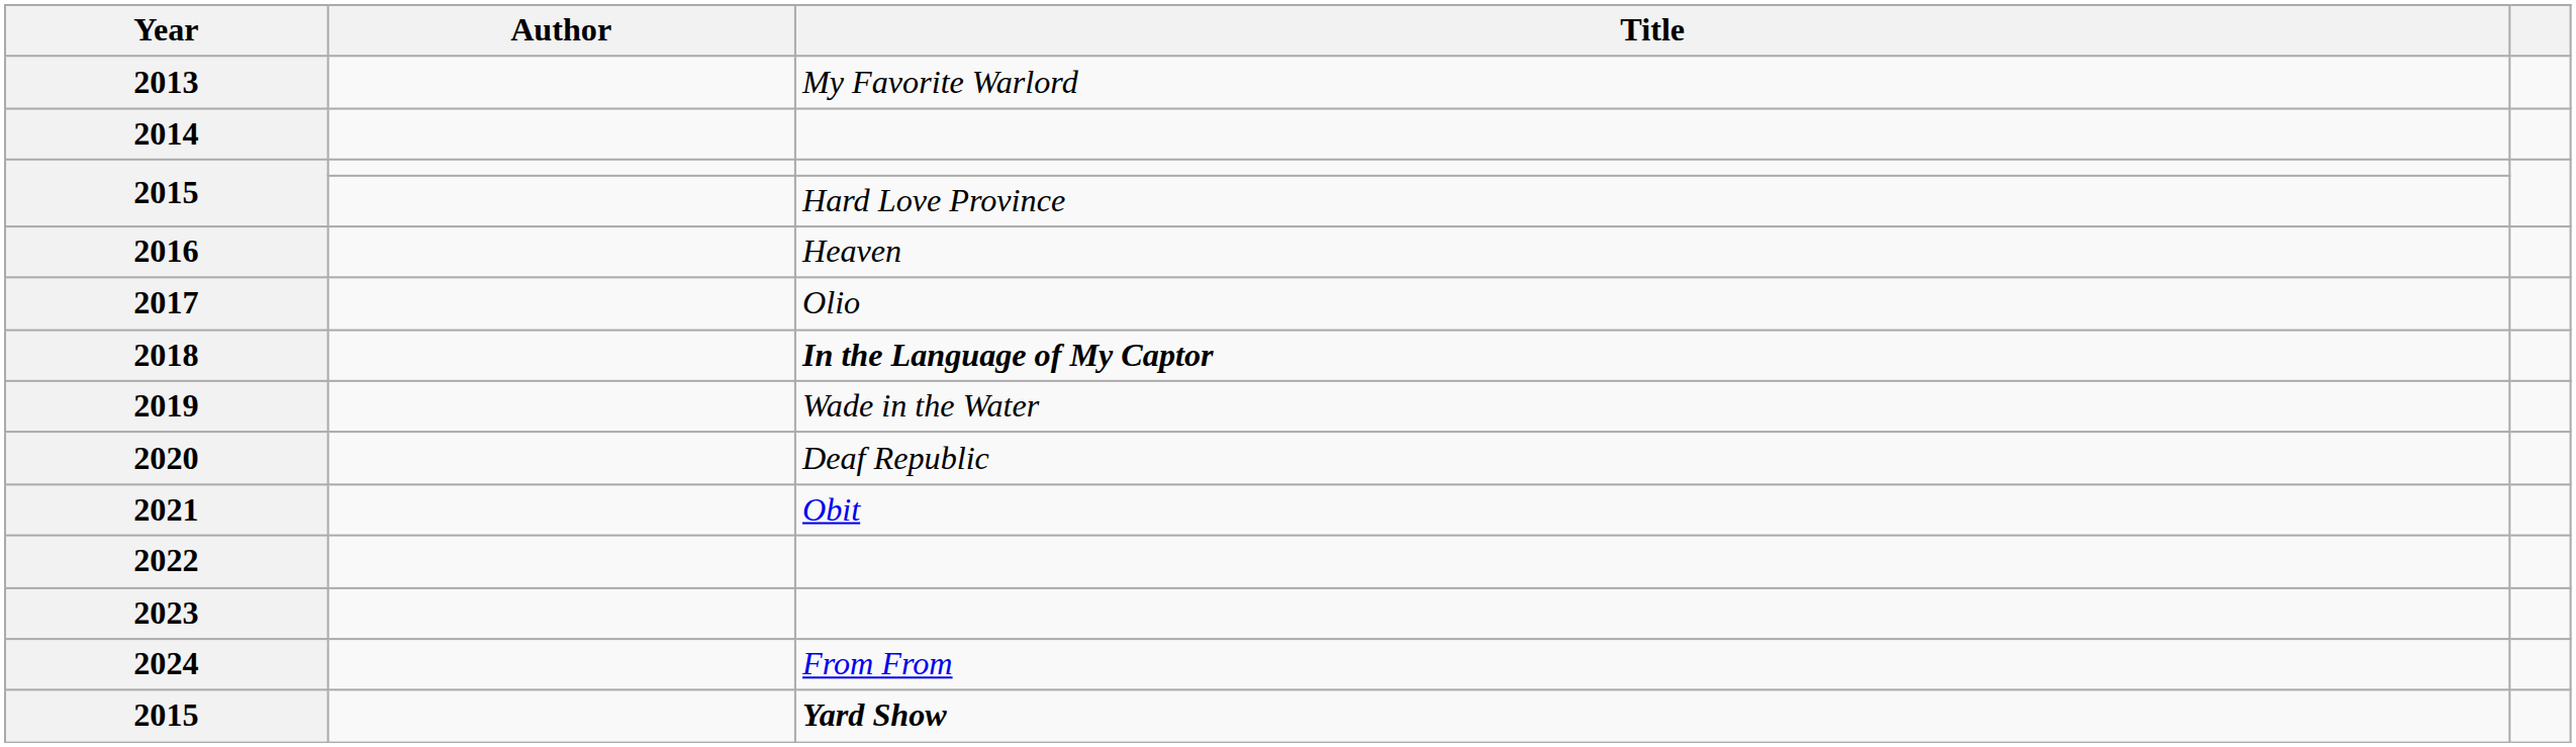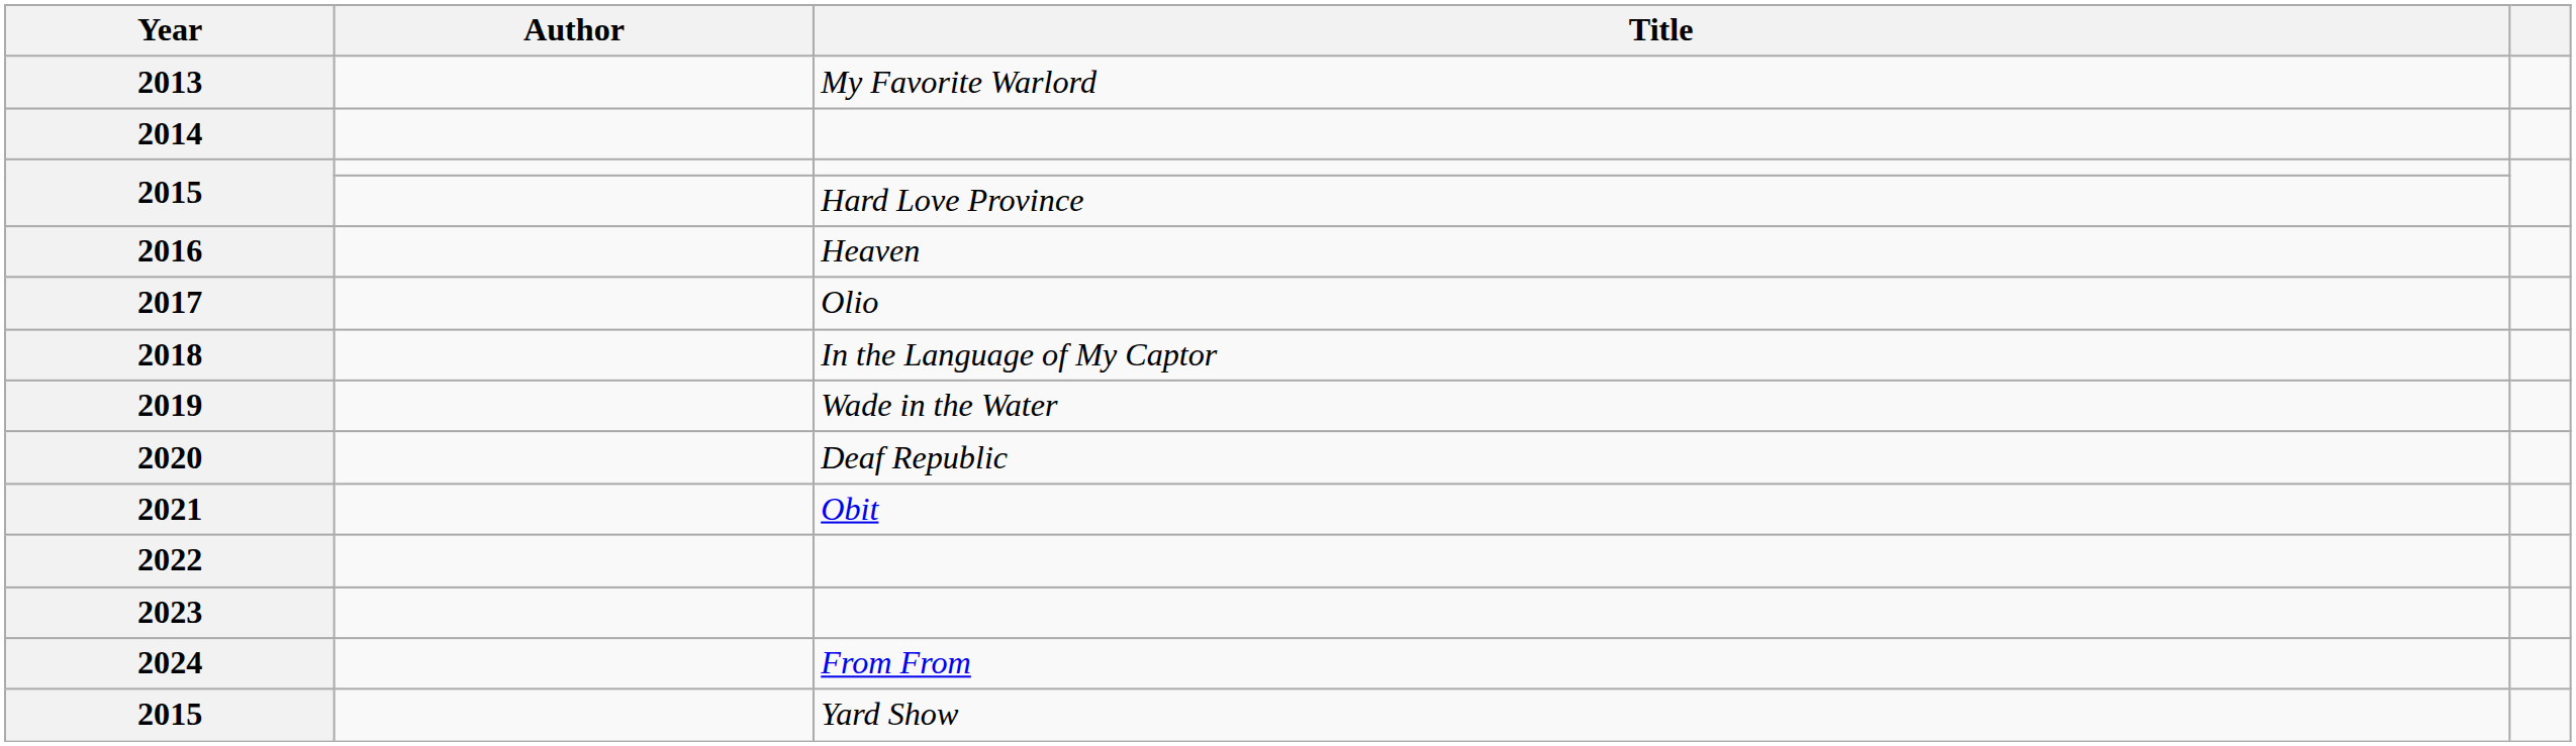 <table class="wikitable sortable mw-collapsible"  width="100%">
 <tr>
 <th scope="col">Year</th>
 <th scope="col">Author</th>
 <th scope="col">Title</th>
 <th scope="col"></th>
 </tr>
 <tr>
 <th>2013</th>
 <td></td>
 <td><em>My Favorite Warlord</em></td>
 <td></td>
 </tr>
 <tr>
 <th>2014</th>
 <td></td>
 <td></td>
 <td></td>
 </tr>
 <tr>
 <th rowspan="2">2015</th>
 <td></td>
 <td></td>
 <td rowspan="2"></td>
 </tr>
 <tr>
 <td></td>
 <td><em>Hard Love Province</em></td>
 </tr>
 <tr>
 <th>2016</th>
 <td></td>
 <td><em>Heaven</em></td>
 <td></td>
 </tr>
 <tr>
 <th>2017</th>
 <td></td>
 <td><em>Olio</em></td>
 <td></td>
 </tr>
 <tr>
 <th>2018</th>
 <td></td>
-<td><strong><em>In the Language of My Captor</em></strong></td>
+<td><em>In the Language of My Captor</em></td>
 <td></td>
 </tr>
 <tr>
 <th>2019</th>
 <td></td>
 <td><em>Wade in the Water</em></td>
 <td></td>
 </tr>
 <tr>
 <th>2020</th>
 <td></td>
 <td><em>Deaf Republic</em></td>
 <td></td>
 </tr>
 <tr>
 <th>2021</th>
 <td></td>
 <td><a href='#'><em>Obit</em></a></td>
 <td></td>
 </tr>
 <tr>
 <th>2022</th>
 <td></td>
 <td></td>
 <td></td>
 </tr>
 <tr>
 <th>2023</th>
 <td></td>
 <td></td>
 <td></td>
 </tr>
 <tr>
 <th>2024</th>
 <td></td>
 <td><em><a href='#'>From From</a></em></td>
 <td></td>
 </tr>
 <tr>
 <th>2015</th>
 <td></td>
-<td><strong><em>Yard Show</em></strong></td>
+<td><em>Yard Show</em></td>
 <td></td>
 </tr>
 </table>
